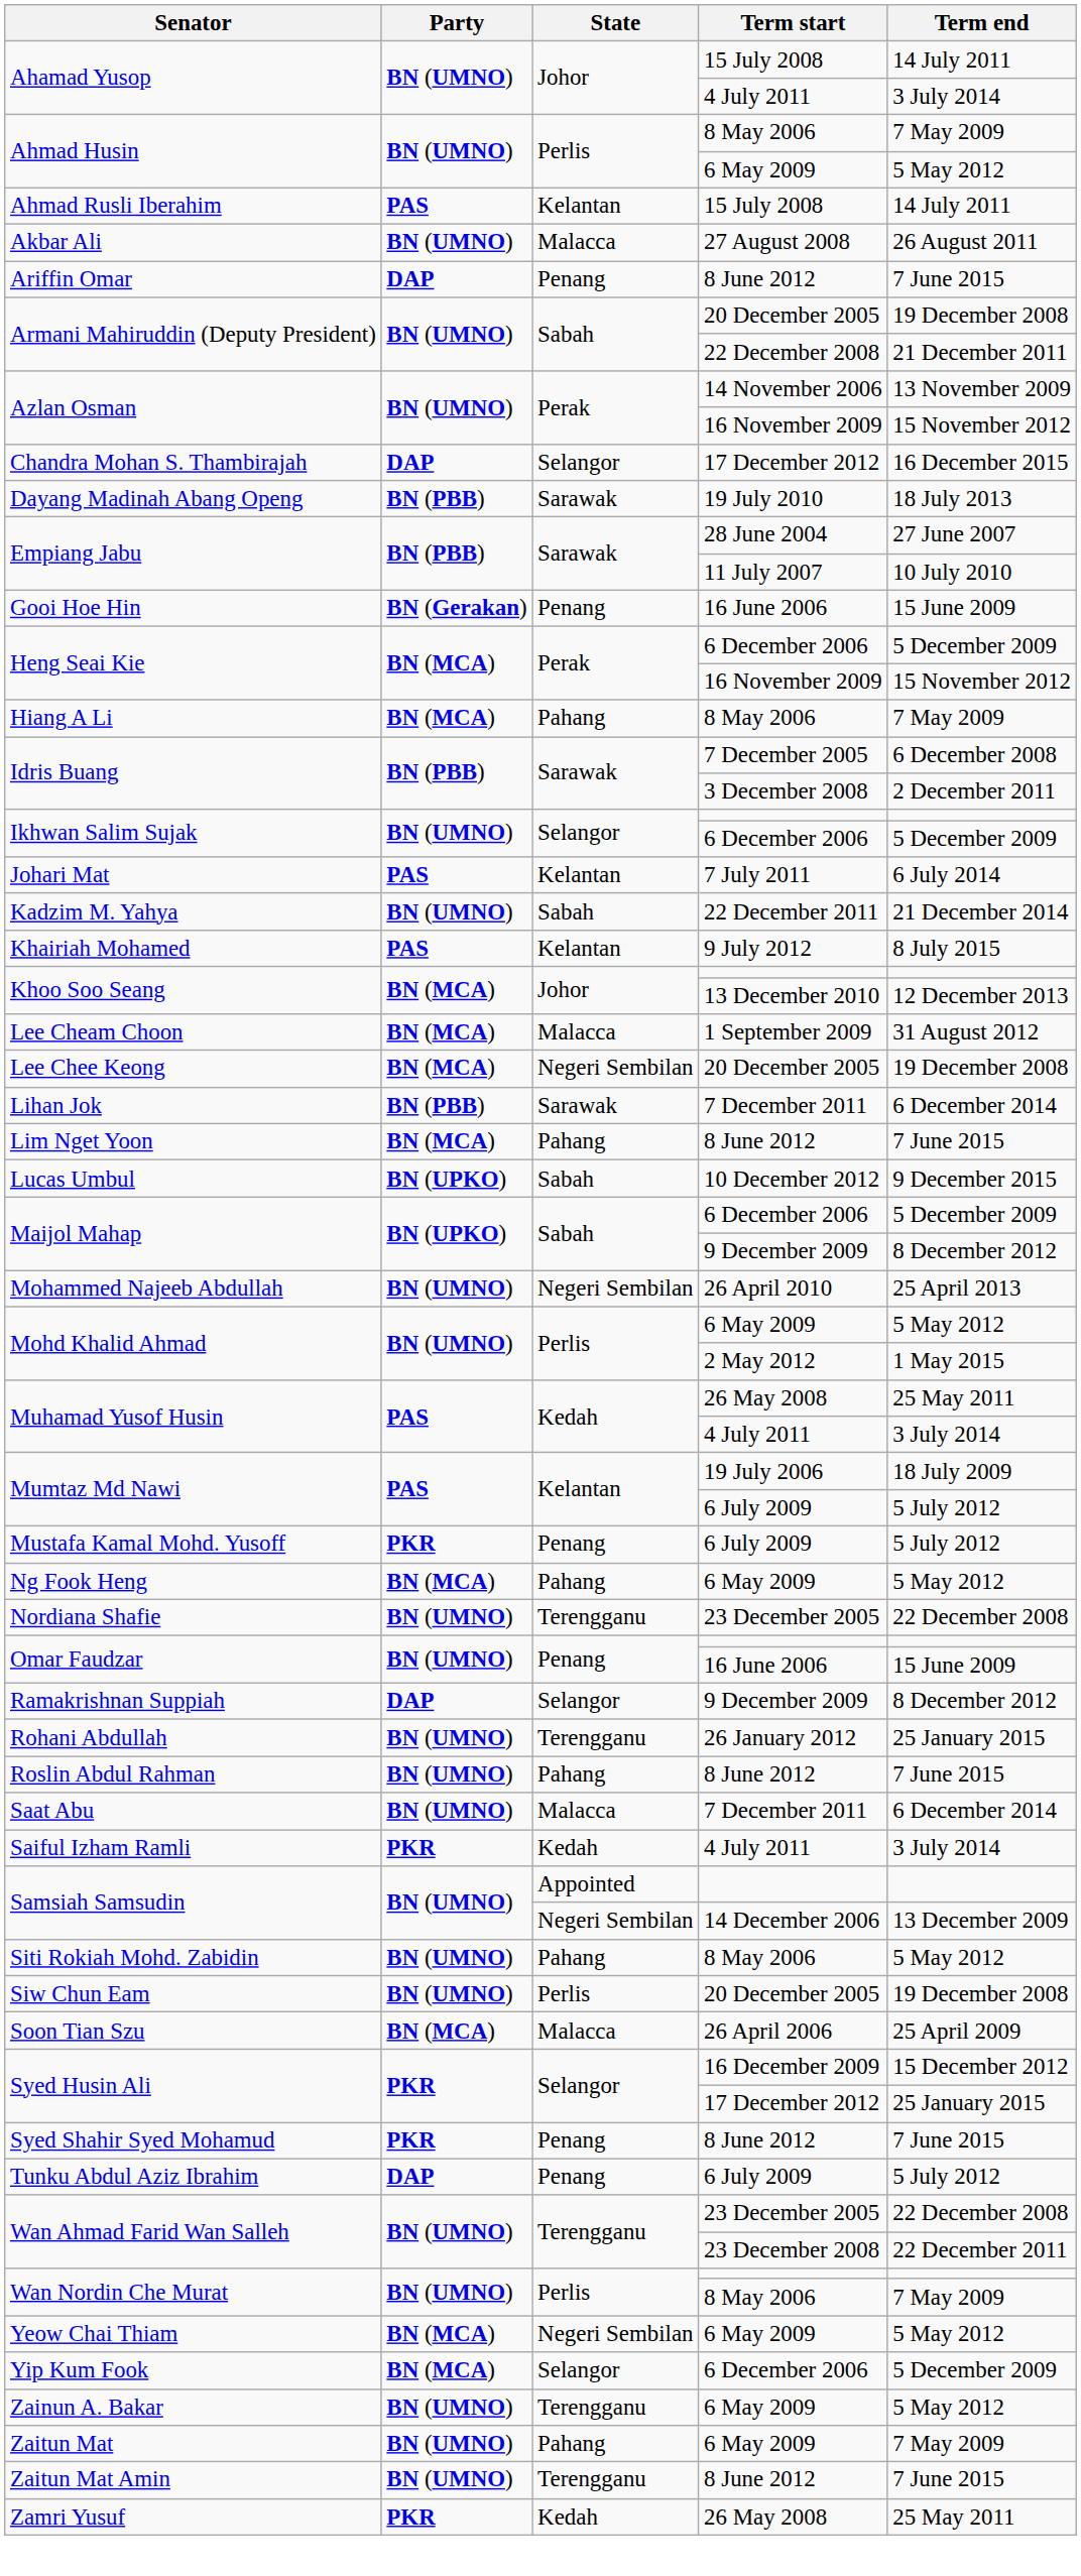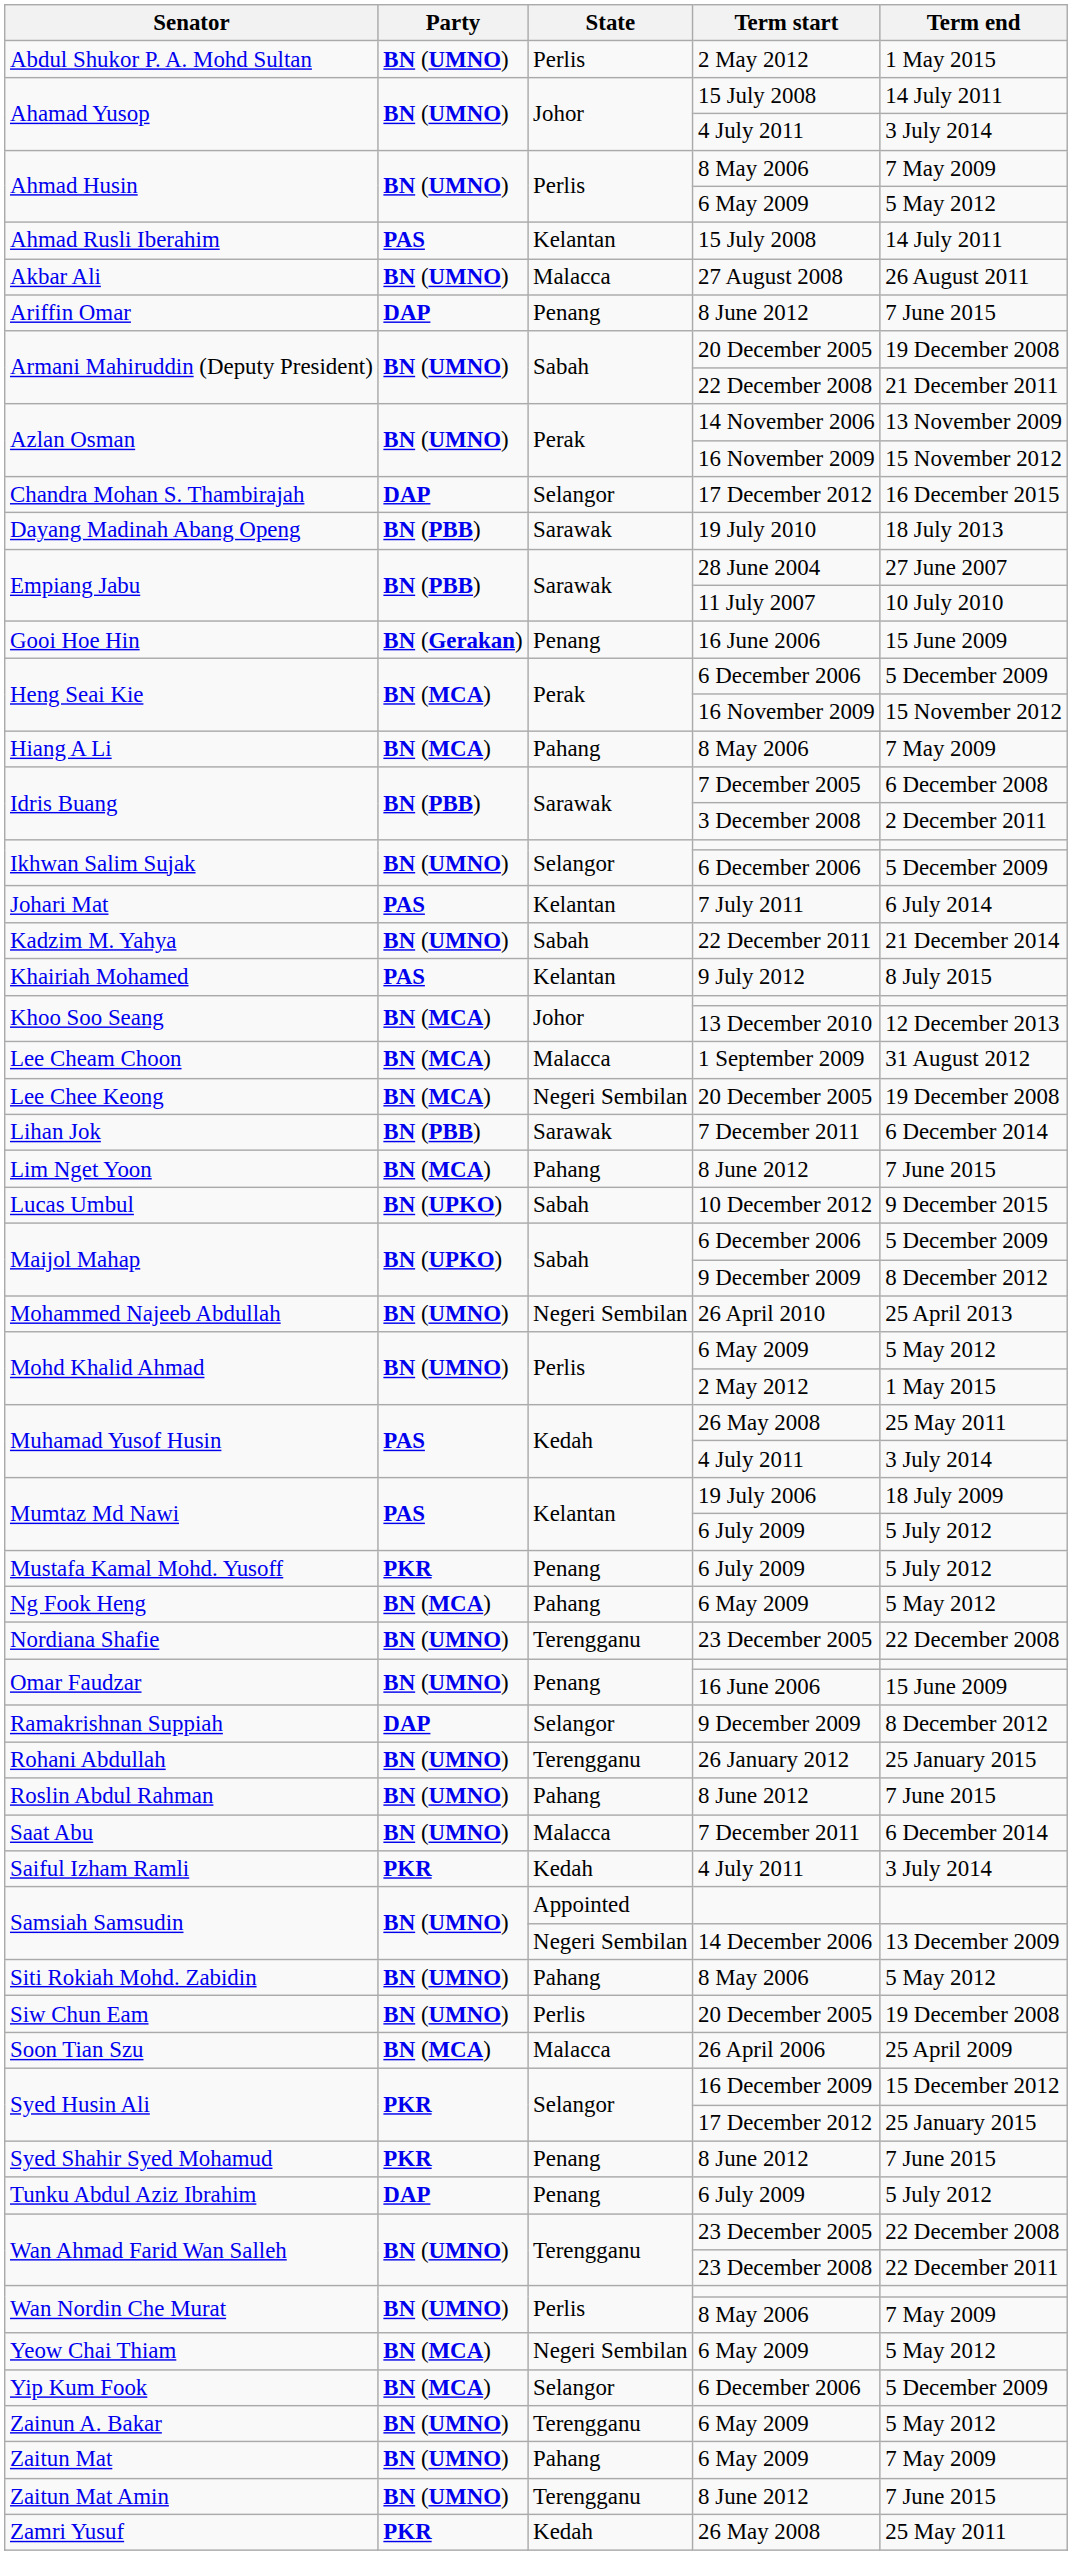 <table class="wikitable sortable">
 <tr>
 <th>Senator</th>
 <th>Party</th>
 <th>State</th>
 <th>Term start</th>
 <th>Term end</th>
+</tr>
+<tr>
+<td><a href='#'>Abdul Shukor P. A. Mohd Sultan</a></td>
+<td><strong><a href='#'>BN</a></strong> (<strong><a href='#'>UMNO</a></strong>)</td>
+<td>Perlis</td>
+<td>2 May 2012</td>
+<td>1 May 2015</td>
 </tr>
 <tr>
 <td rowspan=2><a href='#'>Ahamad Yusop</a></td>
 <td rowspan=2><strong><a href='#'>BN</a></strong> (<strong><a href='#'>UMNO</a></strong>)</td>
 <td rowspan=2>Johor</td>
 <td>15 July 2008</td>
 <td>14 July 2011</td>
 </tr>
 <tr>
 <td>4 July 2011</td>
 <td>3 July 2014</td>
 </tr>
 <tr>
 <td rowspan=2><a href='#'>Ahmad Husin</a></td>
 <td rowspan=2><strong><a href='#'>BN</a></strong> (<strong><a href='#'>UMNO</a></strong>)</td>
 <td rowspan=2>Perlis</td>
 <td>8 May 2006</td>
 <td>7 May 2009</td>
 </tr>
 <tr>
 <td>6 May 2009</td>
 <td>5 May 2012</td>
 </tr>
 <tr>
 <td><a href='#'>Ahmad Rusli Iberahim</a></td>
 <td><strong><a href='#'>PAS</a></strong></td>
 <td>Kelantan</td>
 <td>15 July 2008</td>
 <td>14 July 2011</td>
 </tr>
 <tr>
 <td><a href='#'>Akbar Ali</a></td>
 <td><strong><a href='#'>BN</a></strong> (<strong><a href='#'>UMNO</a></strong>)</td>
 <td>Malacca</td>
 <td>27 August 2008</td>
 <td>26 August 2011</td>
 </tr>
 <tr>
 <td><a href='#'>Ariffin Omar</a></td>
 <td><strong><a href='#'>DAP</a></strong></td>
 <td>Penang</td>
 <td>8 June 2012</td>
 <td>7 June 2015</td>
 </tr>
 <tr>
 <td rowspan=2><a href='#'>Armani Mahiruddin</a> (Deputy President)</td>
 <td rowspan=2><strong><a href='#'>BN</a></strong> (<strong><a href='#'>UMNO</a></strong>)</td>
 <td rowspan=2>Sabah</td>
 <td>20 December 2005</td>
 <td>19 December 2008</td>
 </tr>
 <tr>
 <td>22 December 2008</td>
 <td>21 December 2011</td>
 </tr>
 <tr>
 <td rowspan=2><a href='#'>Azlan Osman</a></td>
 <td rowspan=2><strong><a href='#'>BN</a></strong> (<strong><a href='#'>UMNO</a></strong>)</td>
 <td rowspan=2>Perak</td>
 <td>14 November 2006</td>
 <td>13 November 2009</td>
 </tr>
 <tr>
 <td>16 November 2009</td>
 <td>15 November 2012</td>
 </tr>
 <tr>
 <td><a href='#'>Chandra Mohan S. Thambirajah</a></td>
 <td><strong><a href='#'>DAP</a></strong></td>
 <td>Selangor</td>
 <td>17 December 2012</td>
 <td>16 December 2015</td>
 </tr>
 <tr>
 <td><a href='#'>Dayang Madinah Abang Openg</a></td>
 <td><strong><a href='#'>BN</a></strong> (<strong><a href='#'>PBB</a></strong>)</td>
 <td>Sarawak</td>
 <td>19 July 2010</td>
 <td>18 July 2013</td>
 </tr>
 <tr>
 <td rowspan=2><a href='#'>Empiang Jabu</a></td>
 <td rowspan=2><strong><a href='#'>BN</a></strong> (<strong><a href='#'>PBB</a></strong>)</td>
 <td rowspan=2>Sarawak</td>
 <td>28 June 2004</td>
 <td>27 June 2007</td>
 </tr>
 <tr>
 <td>11 July 2007</td>
 <td>10 July 2010</td>
 </tr>
 <tr>
 <td><a href='#'>Gooi Hoe Hin</a></td>
 <td><strong><a href='#'>BN</a></strong> (<strong><a href='#'>Gerakan</a></strong>)</td>
 <td>Penang</td>
 <td>16 June 2006</td>
 <td>15 June 2009</td>
 </tr>
 <tr>
 <td rowspan=2><a href='#'>Heng Seai Kie</a></td>
 <td rowspan=2><strong><a href='#'>BN</a></strong> (<strong><a href='#'>MCA</a></strong>)</td>
 <td rowspan=2>Perak</td>
 <td>6 December 2006</td>
 <td>5 December 2009</td>
 </tr>
 <tr>
 <td>16 November 2009</td>
 <td>15 November 2012</td>
 </tr>
 <tr>
 <td><a href='#'>Hiang A Li</a></td>
 <td><strong><a href='#'>BN</a></strong> (<strong><a href='#'>MCA</a></strong>)</td>
 <td>Pahang</td>
 <td>8 May 2006</td>
 <td>7 May 2009</td>
 </tr>
 <tr>
 <td rowspan=2><a href='#'>Idris Buang</a></td>
 <td rowspan=2><strong><a href='#'>BN</a></strong> (<strong><a href='#'>PBB</a></strong>)</td>
 <td rowspan=2>Sarawak</td>
 <td>7 December 2005</td>
 <td>6 December 2008</td>
 </tr>
 <tr>
 <td>3 December 2008</td>
 <td>2 December 2011</td>
 </tr>
 <tr>
 <td rowspan=2><a href='#'>Ikhwan Salim Sujak</a></td>
 <td rowspan=2><strong><a href='#'>BN</a></strong> (<strong><a href='#'>UMNO</a></strong>)</td>
 <td rowspan=2>Selangor</td>
 <td></td>
 <td></td>
 </tr>
 <tr>
 <td>6 December 2006</td>
 <td>5 December 2009</td>
 </tr>
 <tr>
 <td><a href='#'>Johari Mat</a></td>
 <td><strong><a href='#'>PAS</a></strong></td>
 <td>Kelantan</td>
 <td>7 July 2011</td>
 <td>6 July 2014</td>
 </tr>
 <tr>
 <td><a href='#'>Kadzim M. Yahya</a></td>
 <td><strong><a href='#'>BN</a></strong> (<strong><a href='#'>UMNO</a></strong>)</td>
 <td>Sabah</td>
 <td>22 December 2011</td>
 <td>21 December 2014</td>
 </tr>
 <tr>
 <td><a href='#'>Khairiah Mohamed</a></td>
 <td><strong><a href='#'>PAS</a></strong></td>
 <td>Kelantan</td>
 <td>9 July 2012</td>
 <td>8 July 2015</td>
 </tr>
 <tr>
 <td rowspan=2><a href='#'>Khoo Soo Seang</a></td>
 <td rowspan=2><strong><a href='#'>BN</a></strong> (<strong><a href='#'>MCA</a></strong>)</td>
 <td rowspan=2>Johor</td>
 <td></td>
 <td></td>
 </tr>
 <tr>
 <td>13 December 2010</td>
 <td>12 December 2013</td>
 </tr>
 <tr>
 <td><a href='#'>Lee Cheam Choon</a></td>
 <td><strong><a href='#'>BN</a></strong> (<strong><a href='#'>MCA</a></strong>)</td>
 <td>Malacca</td>
 <td>1 September 2009</td>
 <td>31 August 2012</td>
 </tr>
 <tr>
 <td><a href='#'>Lee Chee Keong</a></td>
 <td><strong><a href='#'>BN</a></strong> (<strong><a href='#'>MCA</a></strong>)</td>
 <td>Negeri Sembilan</td>
 <td>20 December 2005</td>
 <td>19 December 2008</td>
 </tr>
 <tr>
 <td><a href='#'>Lihan Jok</a></td>
 <td><strong><a href='#'>BN</a></strong> (<strong><a href='#'>PBB</a></strong>)</td>
 <td>Sarawak</td>
 <td>7 December 2011</td>
 <td>6 December 2014</td>
 </tr>
 <tr>
 <td><a href='#'>Lim Nget Yoon</a></td>
 <td><strong><a href='#'>BN</a></strong> (<strong><a href='#'>MCA</a></strong>)</td>
 <td>Pahang</td>
 <td>8 June 2012</td>
 <td>7 June 2015</td>
 </tr>
 <tr>
 <td><a href='#'>Lucas Umbul</a></td>
 <td><strong><a href='#'>BN</a></strong> (<strong><a href='#'>UPKO</a></strong>)</td>
 <td>Sabah</td>
 <td>10 December 2012</td>
 <td>9 December 2015</td>
 </tr>
 <tr>
 <td rowspan=2><a href='#'>Maijol Mahap</a></td>
 <td rowspan=2><strong><a href='#'>BN</a></strong> (<strong><a href='#'>UPKO</a></strong>)</td>
 <td rowspan=2>Sabah</td>
 <td>6 December 2006</td>
 <td>5 December 2009</td>
 </tr>
 <tr>
 <td>9 December 2009</td>
 <td>8 December 2012</td>
 </tr>
 <tr>
 <td><a href='#'>Mohammed Najeeb Abdullah</a></td>
 <td><strong><a href='#'>BN</a></strong> (<strong><a href='#'>UMNO</a></strong>)</td>
 <td>Negeri Sembilan</td>
 <td>26 April 2010</td>
 <td>25 April 2013</td>
 </tr>
 <tr>
 <td rowspan=2><a href='#'>Mohd Khalid Ahmad</a></td>
 <td rowspan=2><strong><a href='#'>BN</a></strong> (<strong><a href='#'>UMNO</a></strong>)</td>
 <td rowspan=2>Perlis</td>
 <td>6 May 2009</td>
 <td>5 May 2012</td>
 </tr>
 <tr>
 <td>2 May 2012</td>
 <td>1 May 2015</td>
 </tr>
 <tr>
 <td rowspan=2><a href='#'>Muhamad Yusof Husin</a></td>
 <td rowspan=2><strong><a href='#'>PAS</a></strong></td>
 <td rowspan=2>Kedah</td>
 <td>26 May 2008</td>
 <td>25 May 2011</td>
 </tr>
 <tr>
 <td>4 July 2011</td>
 <td>3 July 2014</td>
 </tr>
 <tr>
 <td rowspan=2><a href='#'>Mumtaz Md Nawi</a></td>
 <td rowspan=2><strong><a href='#'>PAS</a></strong></td>
 <td rowspan=2>Kelantan</td>
 <td>19 July 2006</td>
 <td>18 July 2009</td>
 </tr>
 <tr>
 <td>6 July 2009</td>
 <td>5 July 2012</td>
 </tr>
 <tr>
 <td><a href='#'>Mustafa Kamal Mohd. Yusoff</a></td>
 <td><strong><a href='#'>PKR</a></strong></td>
 <td>Penang</td>
 <td>6 July 2009</td>
 <td>5 July 2012</td>
 </tr>
 <tr>
 <td><a href='#'>Ng Fook Heng</a></td>
 <td><strong><a href='#'>BN</a></strong> (<strong><a href='#'>MCA</a></strong>)</td>
 <td>Pahang</td>
 <td>6 May 2009</td>
 <td>5 May 2012</td>
 </tr>
 <tr>
 <td><a href='#'>Nordiana Shafie</a></td>
 <td><strong><a href='#'>BN</a></strong> (<strong><a href='#'>UMNO</a></strong>)</td>
 <td>Terengganu</td>
 <td>23 December 2005</td>
 <td>22 December 2008</td>
 </tr>
 <tr>
 <td rowspan=2><a href='#'>Omar Faudzar</a></td>
 <td rowspan=2><strong><a href='#'>BN</a></strong> (<strong><a href='#'>UMNO</a></strong>)</td>
 <td rowspan=2>Penang</td>
 <td></td>
 <td></td>
 </tr>
 <tr>
 <td>16 June 2006</td>
 <td>15 June 2009</td>
 </tr>
 <tr>
 <td><a href='#'>Ramakrishnan Suppiah</a></td>
 <td><strong><a href='#'>DAP</a></strong></td>
 <td>Selangor</td>
 <td>9 December 2009</td>
 <td>8 December 2012</td>
 </tr>
 <tr>
 <td><a href='#'>Rohani Abdullah</a></td>
 <td><strong><a href='#'>BN</a></strong> (<strong><a href='#'>UMNO</a></strong>)</td>
 <td>Terengganu</td>
 <td>26 January 2012</td>
 <td>25 January 2015</td>
 </tr>
 <tr>
 <td><a href='#'>Roslin Abdul Rahman</a></td>
 <td><strong><a href='#'>BN</a></strong> (<strong><a href='#'>UMNO</a></strong>)</td>
 <td>Pahang</td>
 <td>8 June 2012</td>
 <td>7 June 2015</td>
 </tr>
 <tr>
 <td><a href='#'>Saat Abu</a></td>
 <td><strong><a href='#'>BN</a></strong> (<strong><a href='#'>UMNO</a></strong>)</td>
 <td>Malacca</td>
 <td>7 December 2011</td>
 <td>6 December 2014</td>
 </tr>
 <tr>
 <td><a href='#'>Saiful Izham Ramli</a></td>
 <td><strong><a href='#'>PKR</a></strong></td>
 <td>Kedah</td>
 <td>4 July 2011</td>
 <td>3 July 2014</td>
 </tr>
 <tr>
 <td rowspan=2><a href='#'>Samsiah Samsudin</a></td>
 <td rowspan=2><strong><a href='#'>BN</a></strong> (<strong><a href='#'>UMNO</a></strong>)</td>
 <td>Appointed</td>
 <td></td>
 <td></td>
 </tr>
 <tr>
 <td>Negeri Sembilan</td>
 <td>14 December 2006</td>
 <td>13 December 2009</td>
 </tr>
 <tr>
 <td><a href='#'>Siti Rokiah Mohd. Zabidin</a></td>
 <td><strong><a href='#'>BN</a></strong> (<strong><a href='#'>UMNO</a></strong>)</td>
 <td>Pahang</td>
 <td>8 May 2006</td>
 <td>5 May 2012</td>
 </tr>
 <tr>
 <td><a href='#'>Siw Chun Eam</a></td>
 <td><strong><a href='#'>BN</a></strong> (<strong><a href='#'>UMNO</a></strong>)</td>
 <td>Perlis</td>
 <td>20 December 2005</td>
 <td>19 December 2008</td>
 </tr>
 <tr>
 <td><a href='#'>Soon Tian Szu</a></td>
 <td><strong><a href='#'>BN</a></strong> (<strong><a href='#'>MCA</a></strong>)</td>
 <td>Malacca</td>
 <td>26 April 2006</td>
 <td>25 April 2009</td>
 </tr>
 <tr>
 <td rowspan=2><a href='#'>Syed Husin Ali</a></td>
 <td rowspan=2><strong><a href='#'>PKR</a></strong></td>
 <td rowspan=2>Selangor</td>
 <td>16 December 2009</td>
 <td>15 December 2012</td>
 </tr>
 <tr>
 <td>17 December 2012</td>
 <td>25 January 2015</td>
 </tr>
 <tr>
 <td><a href='#'>Syed Shahir Syed Mohamud</a></td>
 <td><strong><a href='#'>PKR</a></strong></td>
 <td>Penang</td>
 <td>8 June 2012</td>
 <td>7 June 2015</td>
 </tr>
 <tr>
 <td><a href='#'>Tunku Abdul Aziz Ibrahim</a></td>
 <td><strong><a href='#'>DAP</a></strong></td>
 <td>Penang</td>
 <td>6 July 2009</td>
 <td>5 July 2012</td>
 </tr>
 <tr>
 <td rowspan=2><a href='#'>Wan Ahmad Farid Wan Salleh</a></td>
 <td rowspan=2><strong><a href='#'>BN</a></strong> (<strong><a href='#'>UMNO</a></strong>)</td>
 <td rowspan=2>Terengganu</td>
 <td>23 December 2005</td>
 <td>22 December 2008</td>
 </tr>
 <tr>
 <td>23 December 2008</td>
 <td>22 December 2011</td>
 </tr>
 <tr>
 <td rowspan=2><a href='#'>Wan Nordin Che Murat</a></td>
 <td rowspan=2><strong><a href='#'>BN</a></strong> (<strong><a href='#'>UMNO</a></strong>)</td>
 <td rowspan=2>Perlis</td>
 <td></td>
 <td></td>
 </tr>
 <tr>
 <td>8 May 2006</td>
 <td>7 May 2009</td>
 </tr>
 <tr>
 <td><a href='#'>Yeow Chai Thiam</a></td>
 <td><strong><a href='#'>BN</a></strong> (<strong><a href='#'>MCA</a></strong>)</td>
 <td>Negeri Sembilan</td>
 <td>6 May 2009</td>
 <td>5 May 2012</td>
 </tr>
 <tr>
 <td><a href='#'>Yip Kum Fook</a></td>
 <td><strong><a href='#'>BN</a></strong> (<strong><a href='#'>MCA</a></strong>)</td>
 <td>Selangor</td>
 <td>6 December 2006</td>
 <td>5 December 2009</td>
 </tr>
 <tr>
 <td><a href='#'>Zainun A. Bakar</a></td>
 <td><strong><a href='#'>BN</a></strong> (<strong><a href='#'>UMNO</a></strong>)</td>
 <td>Terengganu</td>
 <td>6 May 2009</td>
 <td>5 May 2012</td>
 </tr>
 <tr>
 <td><a href='#'>Zaitun Mat</a></td>
 <td><strong><a href='#'>BN</a></strong> (<strong><a href='#'>UMNO</a></strong>)</td>
 <td>Pahang</td>
 <td>6 May 2009</td>
 <td>7 May 2009</td>
 </tr>
 <tr>
 <td><a href='#'>Zaitun Mat Amin</a></td>
 <td><strong><a href='#'>BN</a></strong> (<strong><a href='#'>UMNO</a></strong>)</td>
 <td>Terengganu</td>
 <td>8 June 2012</td>
 <td>7 June 2015</td>
 </tr>
 <tr>
 <td><a href='#'>Zamri Yusuf</a></td>
 <td><strong><a href='#'>PKR</a></strong></td>
 <td>Kedah</td>
 <td>26 May 2008</td>
 <td>25 May 2011</td>
 </tr>
 </table>
